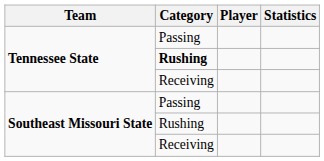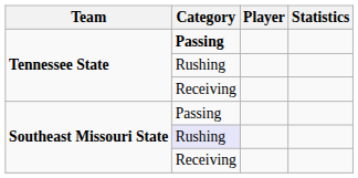 <table class="wikitable" style="float: right;">
 <tr>
 <th>Team</th>
 <th>Category</th>
 <th>Player</th>
 <th>Statistics</th>
 </tr>
 <tr>
 <td rowspan=3><strong>Tennessee State</strong></td>
-<td>Passing</td>
+<td><strong>Passing</strong></td>
 <td></td>
 <td></td>
 </tr>
 <tr>
-<td><strong>Rushing</strong></td>
+<td>Rushing</td>
 <td></td>
 <td></td>
 </tr>
 <tr>
 <td>Receiving</td>
 <td></td>
 <td></td>
 </tr>
 <tr>
 <td rowspan=3><strong>Southeast Missouri State</strong></td>
 <td>Passing</td>
 <td></td>
 <td></td>
 </tr>
 <tr>
-<td>Rushing</td>
+<td style="background: lavender;">Rushing</td>
 <td></td>
 <td></td>
 </tr>
 <tr>
 <td>Receiving</td>
 <td></td>
 <td></td>
 </tr>
 </table>
